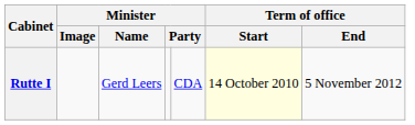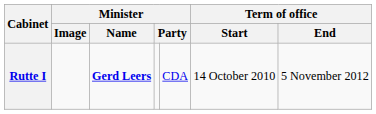 <table class="wikitable plainrowheaders">
 <tr>
 <th rowspan="2">Cabinet</th>
 <th colspan="4">Minister</th>
 <th colspan="2">Term of office</th>
 </tr>
 <tr>
 <th width="1px">Image</th>
 <th>Name</th>
 <th colspan="2">Party</th>
 <th>Start</th>
 <th>End</th>
 </tr>
 <tr>
 <th scope="row"><a href='#'>Rutte I</a></th>
 <td height="80px"></td>
-<td><a href='#'>Gerd Leers</a></td>
+<td><strong><a href='#'>Gerd Leers</a></strong></td>
 <td style="background:"></td>
 <td style="text-align:center"><a href='#'>CDA</a></td>
-<td style="background: lightyellow; text-align:center">14 October 2010</td>
+<td style="text-align:center">14 October 2010</td>
 <td style="text-align:center">5 November 2012</td>
 </tr>
 </table>
